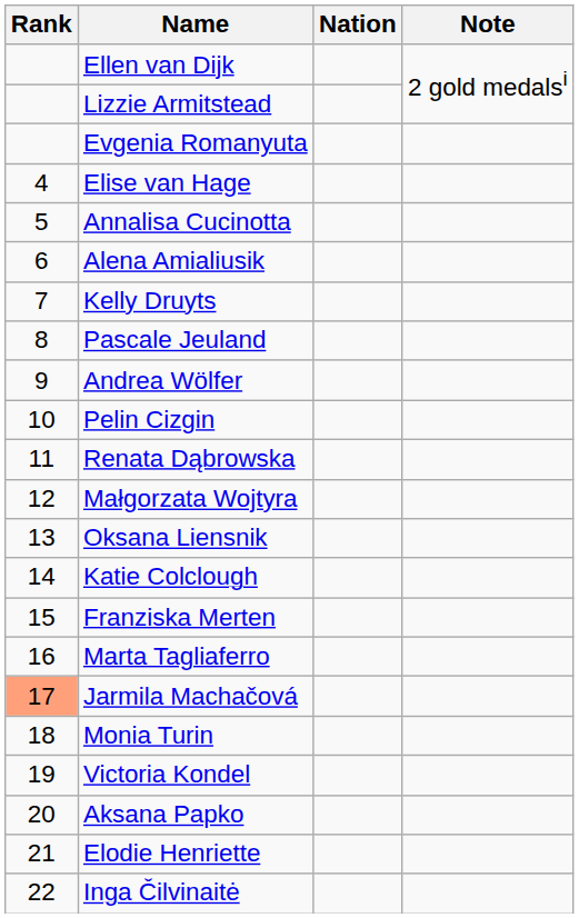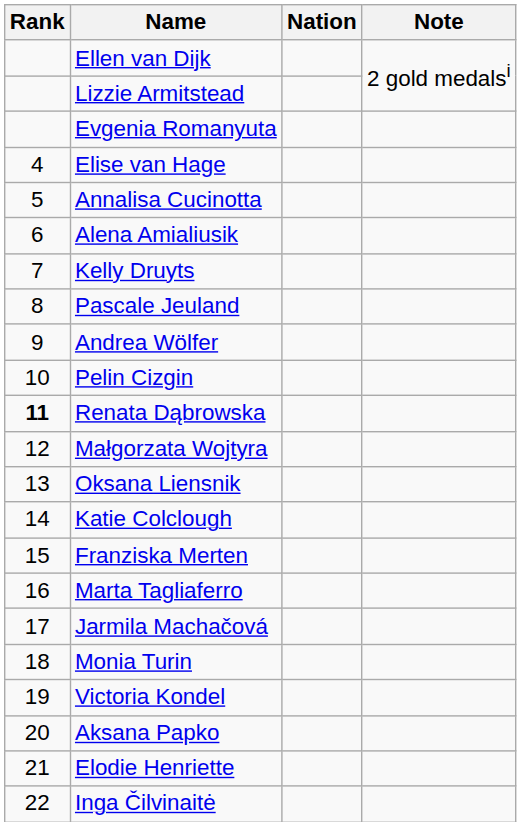 <table class="wikitable sortable" style="text-align:center">
 <tr>
 <th>Rank</th>
 <th>Name</th>
 <th>Nation</th>
 <th>Note</th>
 </tr>
 <tr>
 <td></td>
 <td align=left><a href='#'>Ellen van Dijk</a></td>
 <td align=left></td>
 <td rowspan=2>2 gold medals<sup>i</sup></td>
 </tr>
 <tr>
 <td></td>
 <td align=left><a href='#'>Lizzie Armitstead</a></td>
 <td align=left></td>
 </tr>
 <tr>
 <td></td>
 <td align=left><a href='#'>Evgenia Romanyuta</a></td>
 <td align=left></td>
 <td></td>
 </tr>
 <tr>
 <td>4</td>
 <td align=left><a href='#'>Elise van Hage</a></td>
 <td align=left></td>
 <td></td>
 </tr>
 <tr>
 <td>5</td>
 <td align=left><a href='#'>Annalisa Cucinotta</a></td>
 <td align=left></td>
 <td></td>
 </tr>
 <tr>
 <td>6</td>
 <td align=left><a href='#'>Alena Amialiusik</a></td>
 <td align=left></td>
 <td></td>
 </tr>
 <tr>
 <td>7</td>
 <td align=left><a href='#'>Kelly Druyts</a></td>
 <td align=left></td>
 <td></td>
 </tr>
 <tr>
 <td>8</td>
 <td align=left><a href='#'>Pascale Jeuland</a></td>
 <td align=left></td>
 <td></td>
 </tr>
 <tr>
 <td>9</td>
 <td align=left><a href='#'>Andrea Wölfer</a></td>
 <td align=left></td>
 <td></td>
 </tr>
 <tr>
 <td>10</td>
 <td align=left><a href='#'>Pelin Cizgin</a></td>
 <td align=left></td>
 <td></td>
 </tr>
 <tr>
-<td>11</td>
+<td><strong>11</strong></td>
 <td align=left><a href='#'>Renata Dąbrowska</a></td>
 <td align=left></td>
 <td></td>
 </tr>
 <tr>
 <td>12</td>
 <td align=left><a href='#'>Małgorzata Wojtyra</a></td>
 <td align=left></td>
 <td></td>
 </tr>
 <tr>
 <td>13</td>
 <td align=left><a href='#'>Oksana Liensnik</a></td>
 <td align=left></td>
 <td></td>
 </tr>
 <tr>
 <td>14</td>
 <td align=left><a href='#'>Katie Colclough</a></td>
 <td align=left></td>
 <td></td>
 </tr>
 <tr>
 <td>15</td>
 <td align=left><a href='#'>Franziska Merten</a></td>
 <td align=left></td>
 <td></td>
 </tr>
 <tr>
 <td>16</td>
 <td align=left><a href='#'>Marta Tagliaferro</a></td>
 <td align=left></td>
 <td></td>
 </tr>
 <tr>
-<td style="background: lightsalmon;">17</td>
+<td>17</td>
 <td align=left><a href='#'>Jarmila Machačová</a></td>
 <td align=left></td>
 <td></td>
 </tr>
 <tr>
 <td>18</td>
 <td align=left><a href='#'>Monia Turin</a></td>
 <td align=left></td>
 <td></td>
 </tr>
 <tr>
 <td>19</td>
 <td align=left><a href='#'>Victoria Kondel</a></td>
 <td align=left></td>
 <td></td>
 </tr>
 <tr>
 <td>20</td>
 <td align=left><a href='#'>Aksana Papko</a></td>
 <td align=left></td>
 <td></td>
 </tr>
 <tr>
 <td>21</td>
 <td align=left><a href='#'>Elodie Henriette</a></td>
 <td align=left></td>
 <td></td>
 </tr>
 <tr>
 <td>22</td>
 <td align=left><a href='#'>Inga Čilvinaitė</a></td>
 <td align=left></td>
 <td></td>
 </tr>
 </table>
